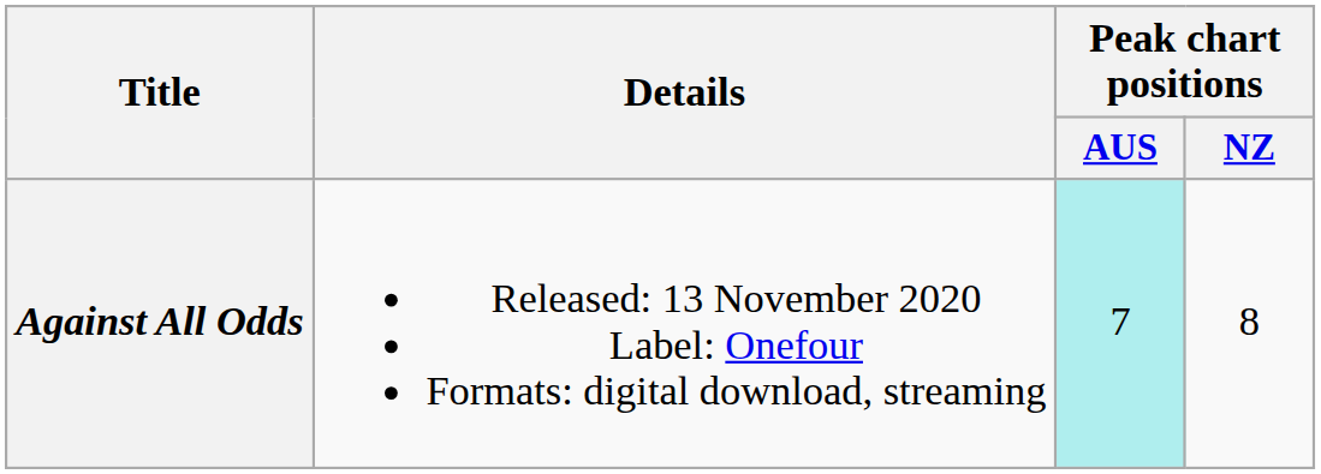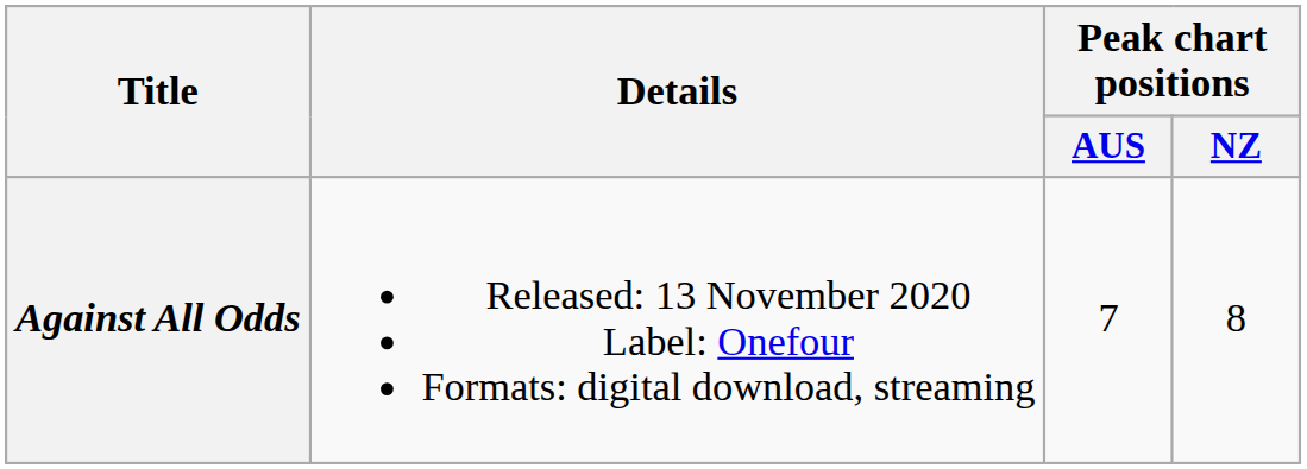 <table class="wikitable plainrowheaders" style="text-align:center;">
 <tr>
 <th scope="col" rowspan="2">Title</th>
 <th scope="col" rowspan="2">Details</th>
 <th scope="col" colspan="2">Peak chart positions</th>
 </tr>
 <tr>
 <th scope="col" style="width:3em;font-size:90%;"><a href='#'>AUS</a><br></th>
 <th scope="col" style="width:3em;font-size:90%;"><a href='#'>NZ</a><br></th>
 </tr>
 <tr>
 <th scope="row"><em>Against All Odds</em></th>
 <td><br><ul><li>Released: 13 November 2020</li><li>Label: <a href='#'>Onefour</a></li><li>Formats: digital download, streaming</li></ul></td>
-<td style="background: paleturquoise;">7</td>
+<td>7</td>
 <td>8</td>
 </tr>
 </table>
